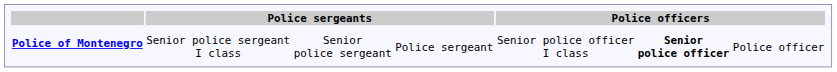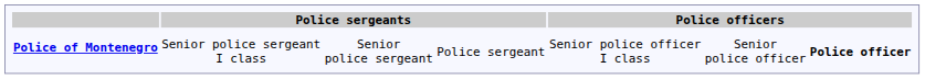 <table style="border:1px solid #8888aa; background-color:#f7f8ff; padding:5px; font-size:95%; margin: 0px 12px 12px 0px;">
 <tr bgcolor="#CCCCCC">
 <th colspan1></th>
 <th colspan=3>Police sergeants</th>
 <th colspan=3>Police officers</th>
 </tr>
 <tr style="text-align:center;">
 <td rowspan=3> <strong><a href='#'>Police of Montenegro</a></strong></td>
 <td></td>
 <td></td>
 <td></td>
 <td></td>
 <td></td>
 <td></td>
 </tr>
 <tr style="text-align:center;">
 <td></td>
 <td></td>
 <td></td>
 <td></td>
 <td></td>
 <td></td>
 </tr>
 <tr style="text-align:center;">
 <td>Senior police sergeant<br>I class</td>
 <td>Senior<br>police sergeant</td>
 <td>Police sergeant</td>
 <td>Senior police officer<br>I class</td>
-<td><strong>Senior<br>police officer</strong></td>
-<td>Police officer</td>
+<td>Senior<br>police officer</td>
+<td><strong>Police officer</strong></td>
 </tr>
 </table>
